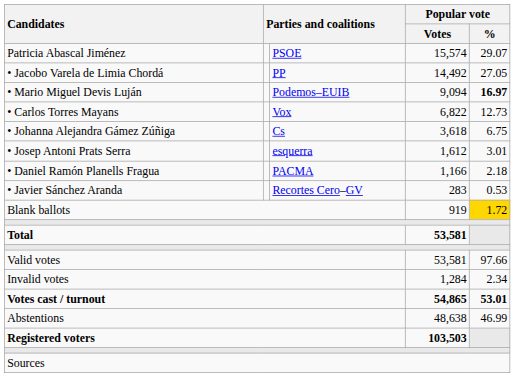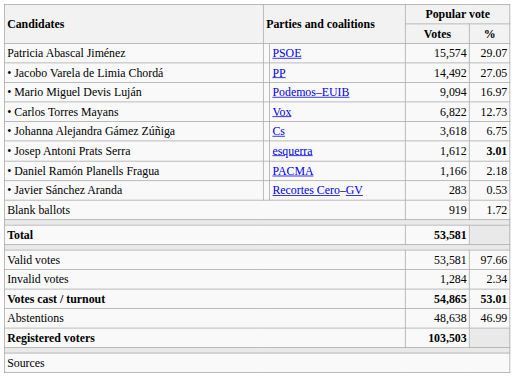 <table class="wikitable" style="text-align:right; font-size:95%;">
 <tr>
 <th style="text-align:left;" rowspan="2" width="325">Candidates</th>
 <th style="text-align:left;" rowspan="2" colspan="2" width="175">Parties and coalitions</th>
 <th colspan="2">Popular vote</th>
 </tr>
 <tr>
 <th width="75">Votes</th>
 <th width="45">%</th>
 </tr>
 <tr>
 <td align="left"> Patricia Abascal Jiménez</td>
 <td width="1" style="color:inherit;background:"></td>
 <td align="left"><a href='#'>PSOE</a></td>
 <td>15,574</td>
 <td>29.07</td>
 </tr>
 <tr>
 <td align="left">• Jacobo Varela de Limia Chordá</td>
 <td style="color:inherit;background:"></td>
 <td align="left"><a href='#'>PP</a></td>
 <td>14,492</td>
 <td>27.05</td>
 </tr>
 <tr>
 <td align="left">• Mario Miguel Devis Luján</td>
 <td style="color:inherit;background:"></td>
 <td align="left"><a href='#'>Podemos–EUIB</a></td>
 <td>9,094</td>
-<td><strong>16.97</strong></td>
+<td>16.97</td>
 </tr>
 <tr>
 <td align="left">• Carlos Torres Mayans</td>
 <td style="color:inherit;background:"></td>
 <td align="left"><a href='#'>Vox</a></td>
 <td>6,822</td>
 <td>12.73</td>
 </tr>
 <tr>
 <td align="left">• Johanna Alejandra Gámez Zúñiga</td>
 <td style="color:inherit;background:"></td>
 <td align="left"><a href='#'>Cs</a></td>
 <td>3,618</td>
 <td>6.75</td>
 </tr>
 <tr>
 <td align="left">• Josep Antoni Prats Serra</td>
 <td style="color:inherit;background:"></td>
 <td align="left"><a href='#'>esquerra</a></td>
 <td>1,612</td>
-<td>3.01</td>
+<td><strong>3.01</strong></td>
 </tr>
 <tr>
 <td align="left">• Daniel Ramón Planells Fragua</td>
 <td style="color:inherit;background:"></td>
 <td align="left"><a href='#'>PACMA</a></td>
 <td>1,166</td>
 <td>2.18</td>
 </tr>
 <tr>
 <td align="left">• Javier Sánchez Aranda</td>
 <td style="color:inherit;background:"></td>
 <td align="left"><a href='#'>Recortes Cero</a>–<a href='#'>GV</a></td>
 <td>283</td>
 <td>0.53</td>
 </tr>
 <tr>
 <td align="left" colspan="3">Blank ballots</td>
 <td>919</td>
-<td style="background: gold;">1.72</td>
+<td>1.72</td>
 </tr>
 <tr>
 <td colspan="5" bgcolor="#E9E9E9"></td>
 </tr>
 <tr style="font-weight:bold;">
 <td align="left" colspan="3">Total</td>
 <td>53,581</td>
 <td bgcolor="#E9E9E9"></td>
 </tr>
 <tr>
 <td colspan="5" bgcolor="#E9E9E9"></td>
 </tr>
 <tr>
 <td align="left" colspan="3">Valid votes</td>
 <td>53,581</td>
 <td>97.66</td>
 </tr>
 <tr>
 <td align="left" colspan="3">Invalid votes</td>
 <td>1,284</td>
 <td>2.34</td>
 </tr>
 <tr style="font-weight:bold;">
 <td align="left" colspan="3">Votes cast / turnout</td>
 <td>54,865</td>
 <td>53.01</td>
 </tr>
 <tr>
 <td align="left" colspan="3">Abstentions</td>
 <td>48,638</td>
 <td>46.99</td>
 </tr>
 <tr style="font-weight:bold;">
 <td align="left" colspan="3">Registered voters</td>
 <td>103,503</td>
 <td bgcolor="#E9E9E9"></td>
 </tr>
 <tr>
 <td colspan="5" bgcolor="#E9E9E9"></td>
 </tr>
 <tr>
 <td align="left" colspan="5">Sources</td>
 </tr>
 </table>
